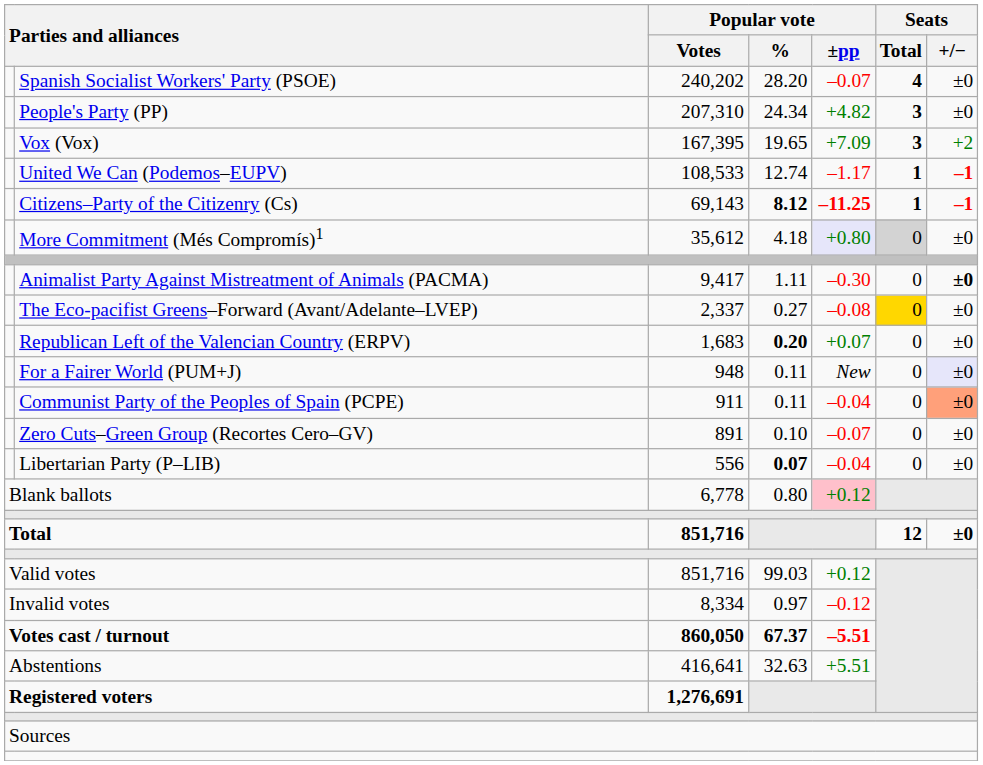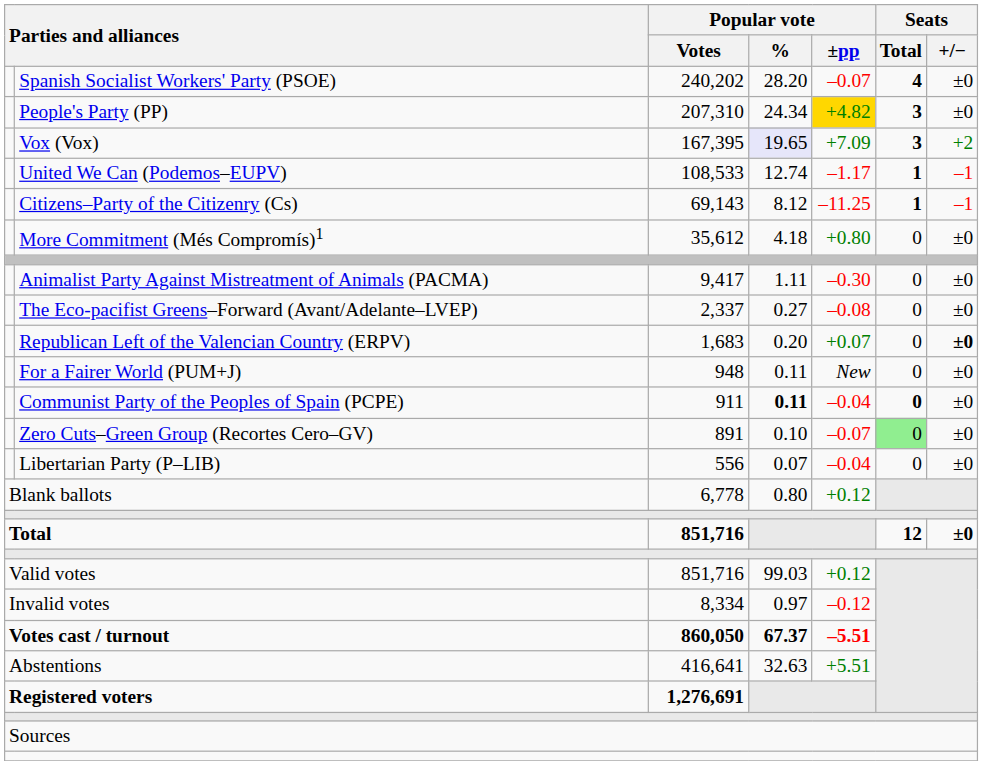 <table class="wikitable" style="text-align:right;">
 <tr>
 <th style="text-align:left;" rowspan="2" colspan="2" width="525">Parties and alliances</th>
 <th colspan="3">Popular vote</th>
 <th colspan="2">Seats</th>
 </tr>
 <tr>
 <th width="75">Votes</th>
 <th width="45">%</th>
 <th width="45">±<a href='#'>pp</a></th>
 <th width="35">Total</th>
 <th width="35">+/−</th>
 </tr>
 <tr>
 <td width="1" style="color:inherit;background:"></td>
 <td align="left"><a href='#'>Spanish Socialist Workers' Party</a> (PSOE)</td>
 <td>240,202</td>
 <td>28.20</td>
 <td style="color:red;">–0.07</td>
 <td><strong>4</strong></td>
 <td>±0</td>
 </tr>
 <tr>
 <td style="color:inherit;background:"></td>
 <td align="left"><a href='#'>People's Party</a> (PP)</td>
 <td>207,310</td>
 <td>24.34</td>
-<td style="color:green;">+4.82</td>
+<td style="background: gold; color:green;">+4.82</td>
 <td><strong>3</strong></td>
 <td>±0</td>
 </tr>
 <tr>
 <td style="color:inherit;background:"></td>
 <td align="left"><a href='#'>Vox</a> (Vox)</td>
 <td>167,395</td>
-<td>19.65</td>
+<td style="background: lavender;">19.65</td>
 <td style="color:green;">+7.09</td>
 <td><strong>3</strong></td>
 <td style="color:green;">+2</td>
 </tr>
 <tr>
 <td style="color:inherit;background:"></td>
 <td align="left"><a href='#'>United We Can</a> (<a href='#'>Podemos</a>–<a href='#'>EUPV</a>)</td>
 <td>108,533</td>
 <td>12.74</td>
 <td style="color:red;">–1.17</td>
 <td><strong>1</strong></td>
-<td style="color:red;"><strong>–1</strong></td>
+<td style="color:red;">–1</td>
 </tr>
 <tr>
 <td style="color:inherit;background:"></td>
 <td align="left"><a href='#'>Citizens–Party of the Citizenry</a> (Cs)</td>
 <td>69,143</td>
-<td><strong>8.12</strong></td>
-<td style="color:red;"><strong>–11.25</strong></td>
+<td>8.12</td>
+<td style="color:red;">–11.25</td>
 <td><strong>1</strong></td>
-<td style="color:red;"><strong>–1</strong></td>
+<td style="color:red;">–1</td>
 </tr>
 <tr>
 <td style="color:inherit;background:"></td>
 <td align="left"><a href='#'>More Commitment</a> (Més Compromís)<sup>1</sup></td>
 <td>35,612</td>
 <td>4.18</td>
-<td style="background: lavender; color:green;">+0.80</td>
-<td style="background: lightgrey;">0</td>
+<td style="color:green;">+0.80</td>
+<td>0</td>
 <td>±0</td>
 </tr>
 <tr>
 <td colspan="7" bgcolor="#C0C0C0"></td>
 </tr>
 <tr>
 <td style="color:inherit;background:"></td>
 <td align="left"><a href='#'>Animalist Party Against Mistreatment of Animals</a> (PACMA)</td>
 <td>9,417</td>
 <td>1.11</td>
 <td style="color:red;">–0.30</td>
 <td>0</td>
-<td><strong>±0</strong></td>
+<td>±0</td>
 </tr>
 <tr>
 <td style="color:inherit;background:"></td>
 <td align="left"><a href='#'>The Eco-pacifist Greens</a>–Forward (Avant/Adelante–LVEP)</td>
 <td>2,337</td>
 <td>0.27</td>
 <td style="color:red;">–0.08</td>
-<td style="background: gold;">0</td>
+<td>0</td>
 <td>±0</td>
 </tr>
 <tr>
 <td style="color:inherit;background:"></td>
 <td align="left"><a href='#'>Republican Left of the Valencian Country</a> (ERPV)</td>
 <td>1,683</td>
-<td><strong>0.20</strong></td>
+<td>0.20</td>
 <td style="color:green;">+0.07</td>
 <td>0</td>
-<td>±0</td>
+<td><strong>±0</strong></td>
 </tr>
 <tr>
 <td style="color:inherit;background:"></td>
 <td align="left"><a href='#'>For a Fairer World</a> (PUM+J)</td>
 <td>948</td>
 <td>0.11</td>
 <td><em>New</em></td>
 <td>0</td>
-<td style="background: lavender;">±0</td>
+<td>±0</td>
 </tr>
 <tr>
 <td style="color:inherit;background:"></td>
 <td align="left"><a href='#'>Communist Party of the Peoples of Spain</a> (PCPE)</td>
 <td>911</td>
-<td>0.11</td>
+<td><strong>0.11</strong></td>
 <td style="color:red;">–0.04</td>
-<td>0</td>
-<td style="background: lightsalmon;">±0</td>
+<td><strong>0</strong></td>
+<td>±0</td>
 </tr>
 <tr>
 <td style="color:inherit;background:"></td>
 <td align="left"><a href='#'>Zero Cuts</a>–<a href='#'>Green Group</a> (Recortes Cero–GV)</td>
 <td>891</td>
 <td>0.10</td>
 <td style="color:red;">–0.07</td>
-<td>0</td>
+<td style="background: lightgreen;">0</td>
 <td>±0</td>
 </tr>
 <tr>
 <td style="color:inherit;background:"></td>
 <td align="left">Libertarian Party (P–LIB)</td>
 <td>556</td>
-<td><strong>0.07</strong></td>
+<td>0.07</td>
 <td style="color:red;">–0.04</td>
 <td>0</td>
 <td>±0</td>
 </tr>
 <tr>
 <td align="left" colspan="2">Blank ballots</td>
 <td>6,778</td>
 <td>0.80</td>
-<td style="background: pink; color:green;">+0.12</td>
+<td style="color:green;">+0.12</td>
 <td bgcolor="#E9E9E9" colspan="2"></td>
 </tr>
 <tr>
 <td colspan="7" bgcolor="#E9E9E9"></td>
 </tr>
 <tr style="font-weight:bold;">
 <td align="left" colspan="2">Total</td>
 <td>851,716</td>
 <td bgcolor="#E9E9E9" colspan="2"></td>
 <td>12</td>
 <td>±0</td>
 </tr>
 <tr>
 <td colspan="7" bgcolor="#E9E9E9"></td>
 </tr>
 <tr>
 <td align="left" colspan="2">Valid votes</td>
 <td>851,716</td>
 <td>99.03</td>
 <td style="color:green;">+0.12</td>
 <td bgcolor="#E9E9E9" colspan="2" rowspan="5"></td>
 </tr>
 <tr>
 <td align="left" colspan="2">Invalid votes</td>
 <td>8,334</td>
 <td>0.97</td>
 <td style="color:red;">–0.12</td>
 </tr>
 <tr style="font-weight:bold;">
 <td align="left" colspan="2">Votes cast / turnout</td>
 <td>860,050</td>
 <td>67.37</td>
 <td style="color:red;">–5.51</td>
 </tr>
 <tr>
 <td align="left" colspan="2">Abstentions</td>
 <td>416,641</td>
 <td>32.63</td>
 <td style="color:green;">+5.51</td>
 </tr>
 <tr style="font-weight:bold;">
 <td align="left" colspan="2">Registered voters</td>
 <td>1,276,691</td>
 <td bgcolor="#E9E9E9" colspan="2"></td>
 </tr>
 <tr>
 <td colspan="7" bgcolor="#E9E9E9"></td>
 </tr>
 <tr>
 <td align="left" colspan="7">Sources</td>
 </tr>
 <tr>
 <td colspan="7" style="text-align:left; max-width:790px;"></td>
 </tr>
 </table>
